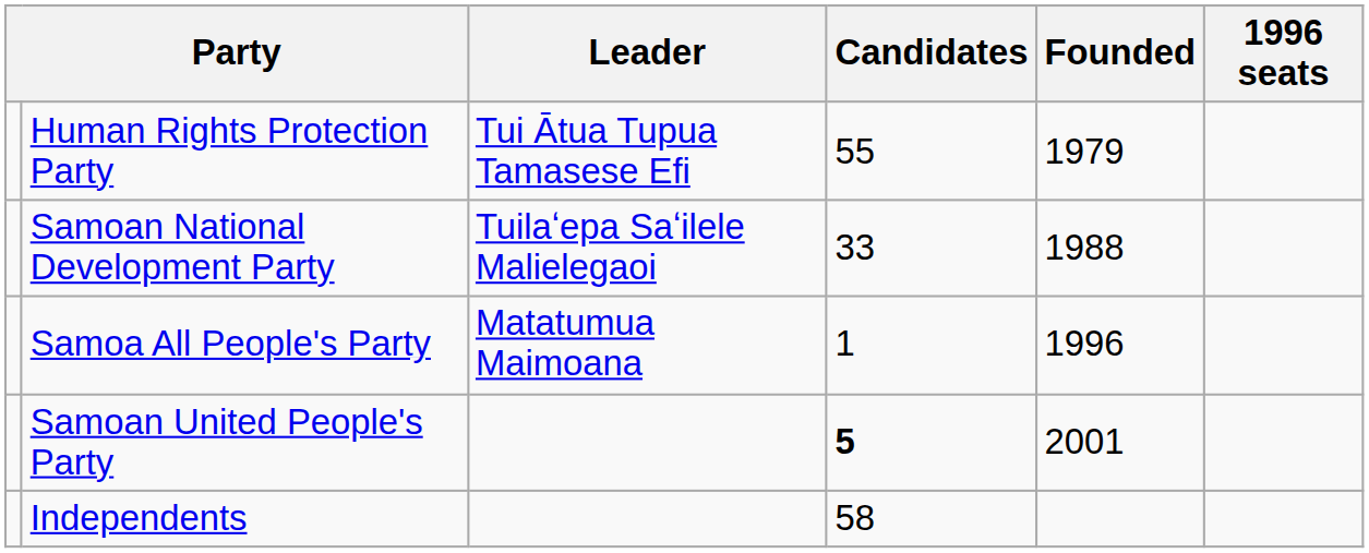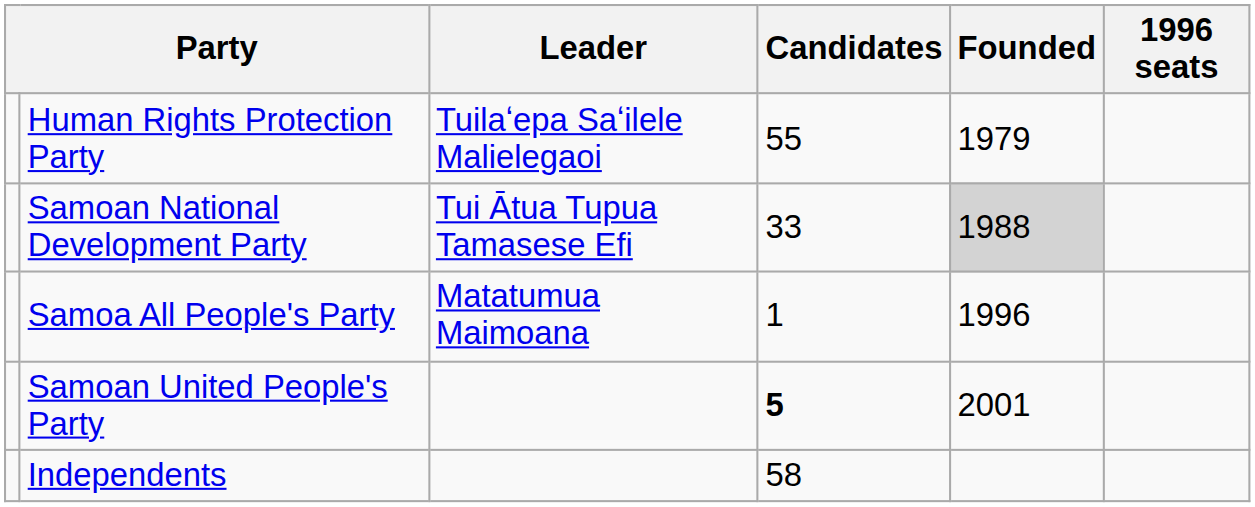 <table class=wikitable>
 <tr>
 <th colspan=3>Party</th>
 <th>Leader</th>
 <th>Candidates</th>
 <th>Founded</th>
 <th>1996 seats</th>
 </tr>
 <tr>
 <td style="background:"></td>
 <td colspan="2"><a href='#'>Human Rights Protection Party</a></td>
-<td><a href='#'>Tui Ātua Tupua Tamasese Efi</a></td>
+<td><a href='#'>Tuilaʻepa Saʻilele Malielegaoi</a></td>
 <td>55</td>
 <td>1979</td>
 <td></td>
 </tr>
 <tr>
 <td style="background:"></td>
 <td colspan="2"><a href='#'>Samoan National Development Party</a></td>
-<td><a href='#'>Tuilaʻepa Saʻilele Malielegaoi</a></td>
+<td><a href='#'>Tui Ātua Tupua Tamasese Efi</a></td>
 <td>33</td>
-<td>1988</td>
+<td style="background: lightgrey;">1988</td>
 <td></td>
 </tr>
 <tr>
 <td style="background:"></td>
 <td colspan="2"><a href='#'>Samoa All People's Party</a></td>
 <td><a href='#'>Matatumua Maimoana</a></td>
 <td>1</td>
 <td>1996</td>
 <td></td>
 </tr>
 <tr>
 <td style="background:"></td>
 <td colspan="2"><a href='#'>Samoan United People's Party</a></td>
 <td></td>
 <td><strong>5</strong></td>
 <td>2001</td>
 <td></td>
 </tr>
 <tr>
 <td style="background:"></td>
 <td colspan="2"><a href='#'>Independents</a></td>
 <td></td>
 <td>58</td>
 <td></td>
 <td></td>
 </tr>
 </table>
